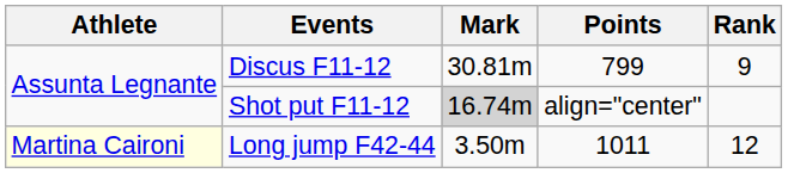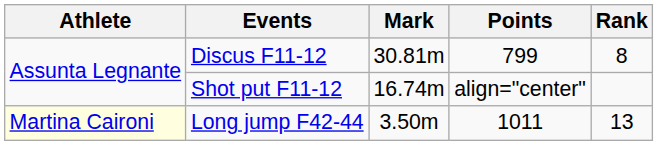 <table class=wikitable>
 <tr>
 <th>Athlete</th>
 <th>Events</th>
 <th>Mark</th>
 <th>Points</th>
 <th>Rank</th>
 </tr>
 <tr>
 <td rowspan=2><a href='#'>Assunta Legnante</a></td>
 <td><a href='#'>Discus F11-12</a></td>
 <td align="center">30.81m</td>
 <td align="center">799</td>
-<td align="center">9</td>
+<td align="center">8</td>
 </tr>
 <tr>
 <td><a href='#'>Shot put F11-12</a></td>
-<td align="center" style="background: lightgrey;">16.74m </td>
+<td align="center">16.74m </td>
 <td>align="center" </td>
 <td align="center"></td>
 </tr>
 <tr>
 <td style="background: lightyellow;"><a href='#'>Martina Caironi</a></td>
 <td><a href='#'>Long jump F42-44</a></td>
 <td align="center">3.50m</td>
 <td align="center">1011</td>
-<td align="center">12</td>
+<td align="center">13</td>
 </tr>
 </table>
